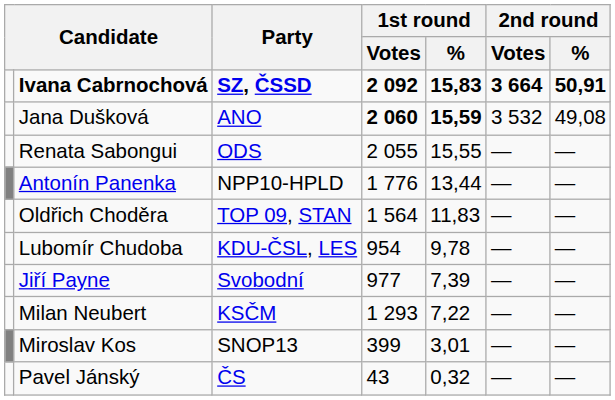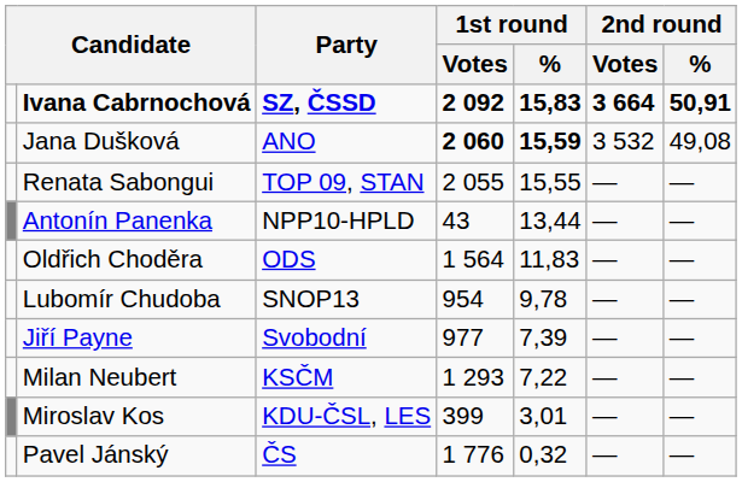 <table class="wikitable sortable">
 <tr>
 <th colspan="2" rowspan="2">Candidate</th>
 <th rowspan="2">Party</th>
 <th colspan="2">1st round</th>
 <th colspan="2">2nd round</th>
 </tr>
 <tr>
 <th>Votes</th>
 <th>%</th>
 <th>Votes</th>
 <th>%</th>
 </tr>
 <tr>
 <td style="background-color:"></td>
 <td><strong>Ivana Cabrnochová</strong></td>
 <td><strong><a href='#'>SZ</a>, <a href='#'>ČSSD</a></strong></td>
 <td><strong>2 092</strong></td>
 <td><strong>15,83</strong></td>
 <td><strong>3 664</strong></td>
 <td><strong>50,91</strong></td>
 </tr>
 <tr>
 <td style="background-color:"></td>
 <td>Jana Dušková</td>
 <td><a href='#'>ANO</a></td>
 <td><strong>2 060</strong></td>
 <td><strong>15,59</strong></td>
 <td>3 532</td>
 <td>49,08</td>
 </tr>
 <tr>
 <td style="background-color:"></td>
 <td>Renata Sabongui</td>
-<td><a href='#'>ODS</a></td>
+<td><a href='#'>TOP 09</a>, <a href='#'>STAN</a></td>
 <td>2 055</td>
 <td>15,55</td>
 <td>—</td>
 <td>—</td>
 </tr>
 <tr>
 <td style="background-color:grey;"></td>
 <td><a href='#'>Antonín Panenka</a></td>
 <td>NPP10-HPLD</td>
-<td>1 776</td>
+<td>43</td>
 <td>13,44</td>
 <td>—</td>
 <td>—</td>
 </tr>
 <tr>
 <td style="background-color:"></td>
 <td>Oldřich Choděra</td>
-<td><a href='#'>TOP 09</a>, <a href='#'>STAN</a></td>
+<td><a href='#'>ODS</a></td>
 <td>1 564</td>
 <td>11,83</td>
 <td>—</td>
 <td>—</td>
 </tr>
 <tr>
 <td style="background-color:"></td>
 <td>Lubomír Chudoba</td>
-<td><a href='#'>KDU-ČSL</a>, <a href='#'>LES</a></td>
+<td>SNOP13</td>
 <td>954</td>
 <td>9,78</td>
 <td>—</td>
 <td>—</td>
 </tr>
 <tr>
 <td style="background-color:"></td>
 <td><a href='#'>Jiří Payne</a></td>
 <td><a href='#'>Svobodní</a></td>
 <td>977</td>
 <td>7,39</td>
 <td>—</td>
 <td>—</td>
 </tr>
 <tr>
 <td style="background-color:"></td>
 <td>Milan Neubert</td>
 <td><a href='#'>KSČM</a></td>
 <td>1 293</td>
 <td>7,22</td>
 <td>—</td>
 <td>—</td>
 </tr>
 <tr>
 <td style="background-color:grey;"></td>
 <td>Miroslav Kos</td>
-<td>SNOP13</td>
+<td><a href='#'>KDU-ČSL</a>, <a href='#'>LES</a></td>
 <td>399</td>
 <td>3,01</td>
 <td>—</td>
 <td>—</td>
 </tr>
 <tr>
 <td style="background-color:"></td>
 <td>Pavel Jánský</td>
 <td><a href='#'>ČS</a></td>
-<td>43</td>
+<td>1 776</td>
 <td>0,32</td>
 <td>—</td>
 <td>—</td>
 </tr>
 </table>
